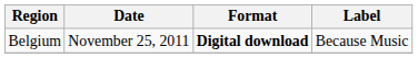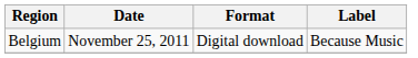 <table class=wikitable>
 <tr>
 <th>Region</th>
 <th>Date</th>
 <th>Format</th>
 <th>Label</th>
 </tr>
 <tr>
 <td>Belgium</td>
 <td>November 25, 2011</td>
-<td><strong>Digital download</strong></td>
+<td>Digital download</td>
 <td>Because Music</td>
 </tr>
 <tr>
 </tr>
 </table>
